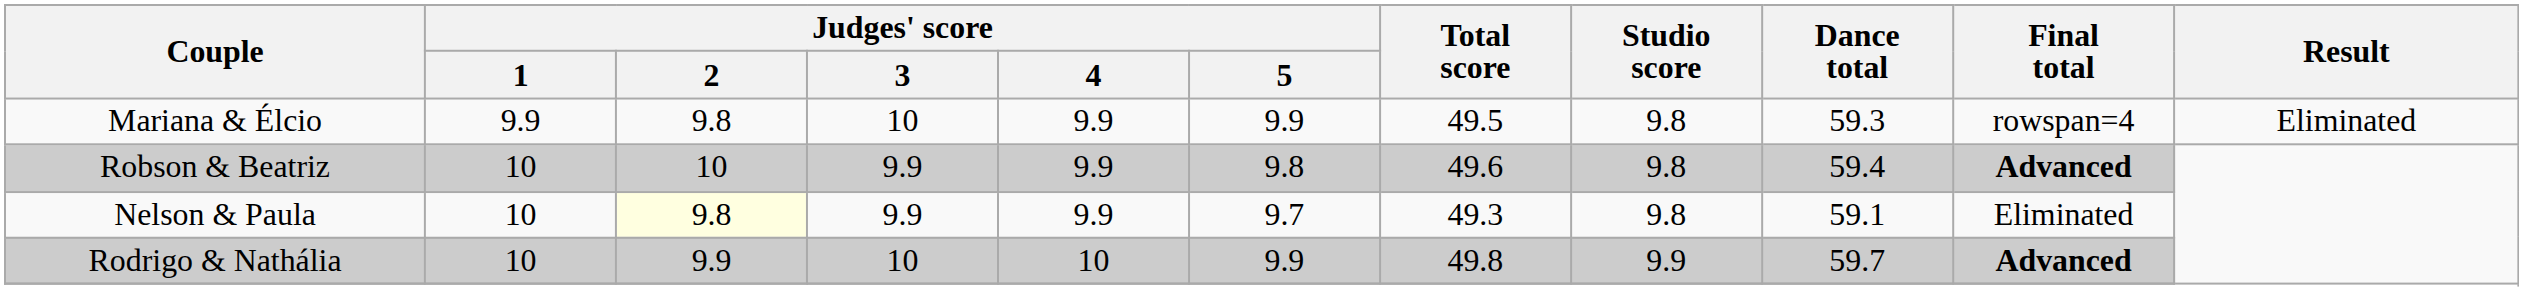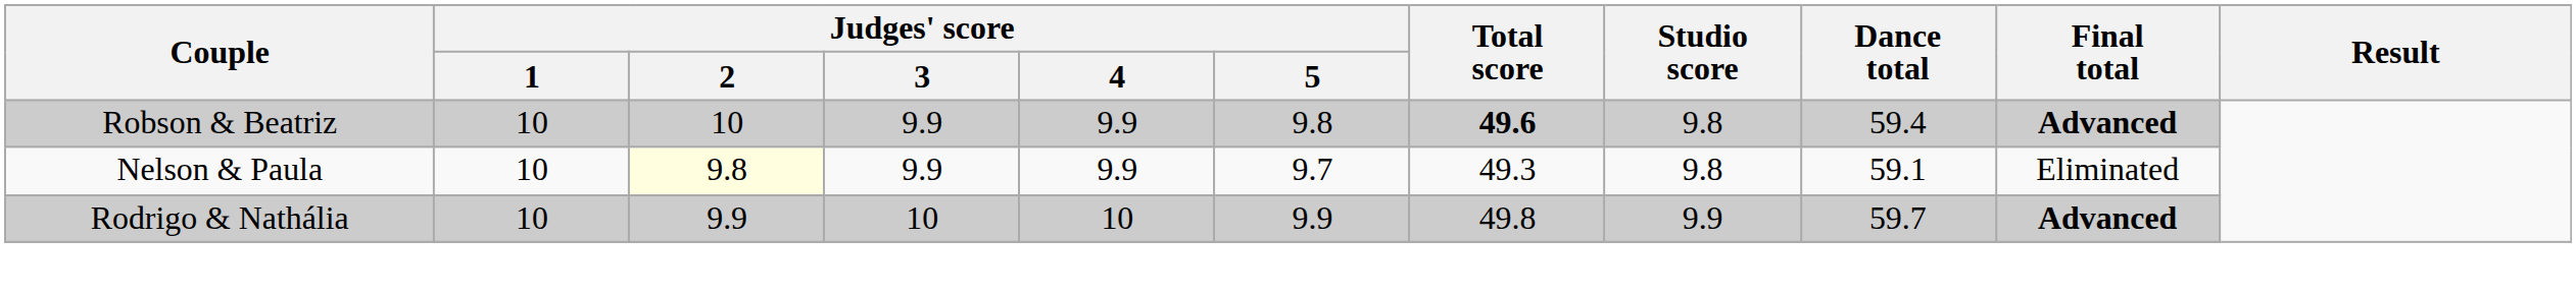 <table class="wikitable" style="font-size:100%; line-height:16px; text-align:center" width="100%">
 <tr>
 <th rowspan=2 width="11.0%">Couple</th>
 <th colspan=5 width="25.0%">Judges' score</th>
 <th rowspan=2 width="05.0%">Total<br>score</th>
 <th rowspan=2 width="05.0%">Studio<br>score</th>
 <th rowspan=2 width="05.0%">Dance<br>total</th>
 <th rowspan=2 width="05.0%">Final<br>total</th>
 <th rowspan=2 width="09.0%">Result</th>
 </tr>
 <tr>
 <th width="05.0%">1</th>
 <th width="05.0%">2</th>
 <th width="05.0%">3</th>
 <th width="05.0%">4</th>
 <th width="05.0%">5</th>
 </tr>
-<tr>
-<td>Mariana & Élcio</td>
-<td>9.9</td>
-<td>9.8</td>
-<td>10</td>
-<td>9.9</td>
-<td>9.9</td>
-<td>49.5</td>
-<td>9.8</td>
-<td>59.3</td>
-<td>rowspan=4 </td>
-<td>Eliminated</td>
-</tr>
 <tr bgcolor=CCCCCC>
 <td>Robson & Beatriz</td>
 <td>10</td>
 <td>10</td>
 <td>9.9</td>
 <td>9.9</td>
 <td>9.8</td>
-<td>49.6</td>
+<td><strong>49.6</strong></td>
 <td>9.8</td>
 <td>59.4</td>
 <td><strong>Advanced</strong></td>
 </tr>
 <tr>
 <td>Nelson & Paula</td>
 <td>10</td>
 <td style="background: lightyellow;">9.8</td>
 <td>9.9</td>
 <td>9.9</td>
 <td>9.7</td>
 <td>49.3</td>
 <td>9.8</td>
 <td>59.1</td>
 <td>Eliminated</td>
 </tr>
 <tr bgcolor=CCCCCC>
 <td>Rodrigo & Nathália</td>
 <td>10</td>
 <td>9.9</td>
 <td>10</td>
 <td>10</td>
 <td>9.9</td>
 <td>49.8</td>
 <td>9.9</td>
 <td>59.7</td>
 <td><strong>Advanced</strong></td>
 </tr>
 <tr>
 </tr>
 </table>
